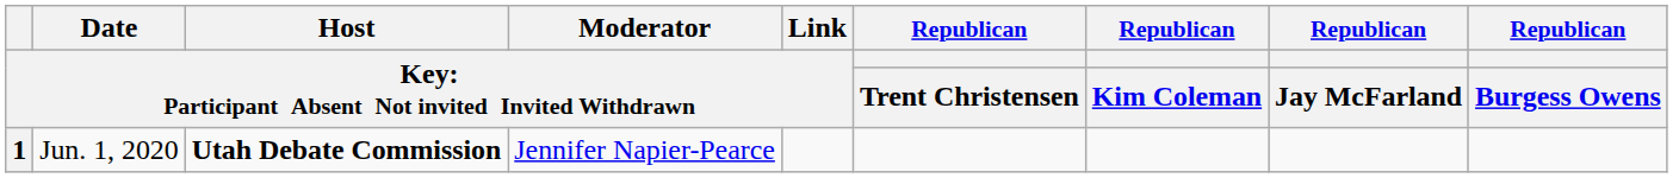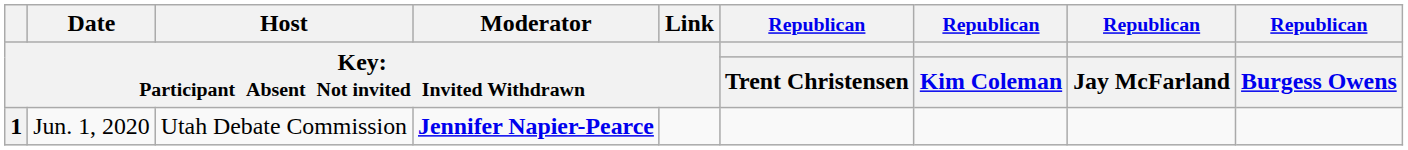 <table class="wikitable" style="text-align:center;">
 <tr>
 <th scope="col"></th>
 <th scope="col">Date</th>
 <th scope="col">Host</th>
 <th scope="col">Moderator</th>
 <th scope="col">Link</th>
 <th scope="col"><small><a href='#'>Republican</a></small></th>
 <th scope="col"><small><a href='#'>Republican</a></small></th>
 <th scope="col"><small><a href='#'>Republican</a></small></th>
 <th scope="col"><small><a href='#'>Republican</a></small></th>
 </tr>
 <tr>
 <th colspan="5" rowspan="2">Key:<br> <small>Participant </small>  <small>Absent </small>  <small>Not invited </small>  <small>Invited  Withdrawn</small></th>
 <th scope="col" style="background:"></th>
 <th scope="col" style="background:"></th>
 <th scope="col" style="background:"></th>
 <th scope="col" style="background:"></th>
 </tr>
 <tr>
 <th scope="col">Trent Christensen</th>
 <th scope="col"><a href='#'>Kim Coleman</a></th>
 <th scope="col">Jay McFarland</th>
 <th scope="col"><a href='#'>Burgess Owens</a></th>
 </tr>
 <tr>
 <th>1</th>
 <td style="white-space:nowrap;">Jun. 1, 2020</td>
-<td style="white-space:nowrap;"><strong>Utah Debate Commission</strong></td>
-<td style="white-space:nowrap;"><a href='#'>Jennifer Napier-Pearce</a></td>
+<td style="white-space:nowrap;">Utah Debate Commission</td>
+<td style="white-space:nowrap;"><strong><a href='#'>Jennifer Napier-Pearce</a></strong></td>
 <td style="white-space:nowrap;"></td>
 <td></td>
 <td></td>
 <td></td>
 <td></td>
 </tr>
 </table>
